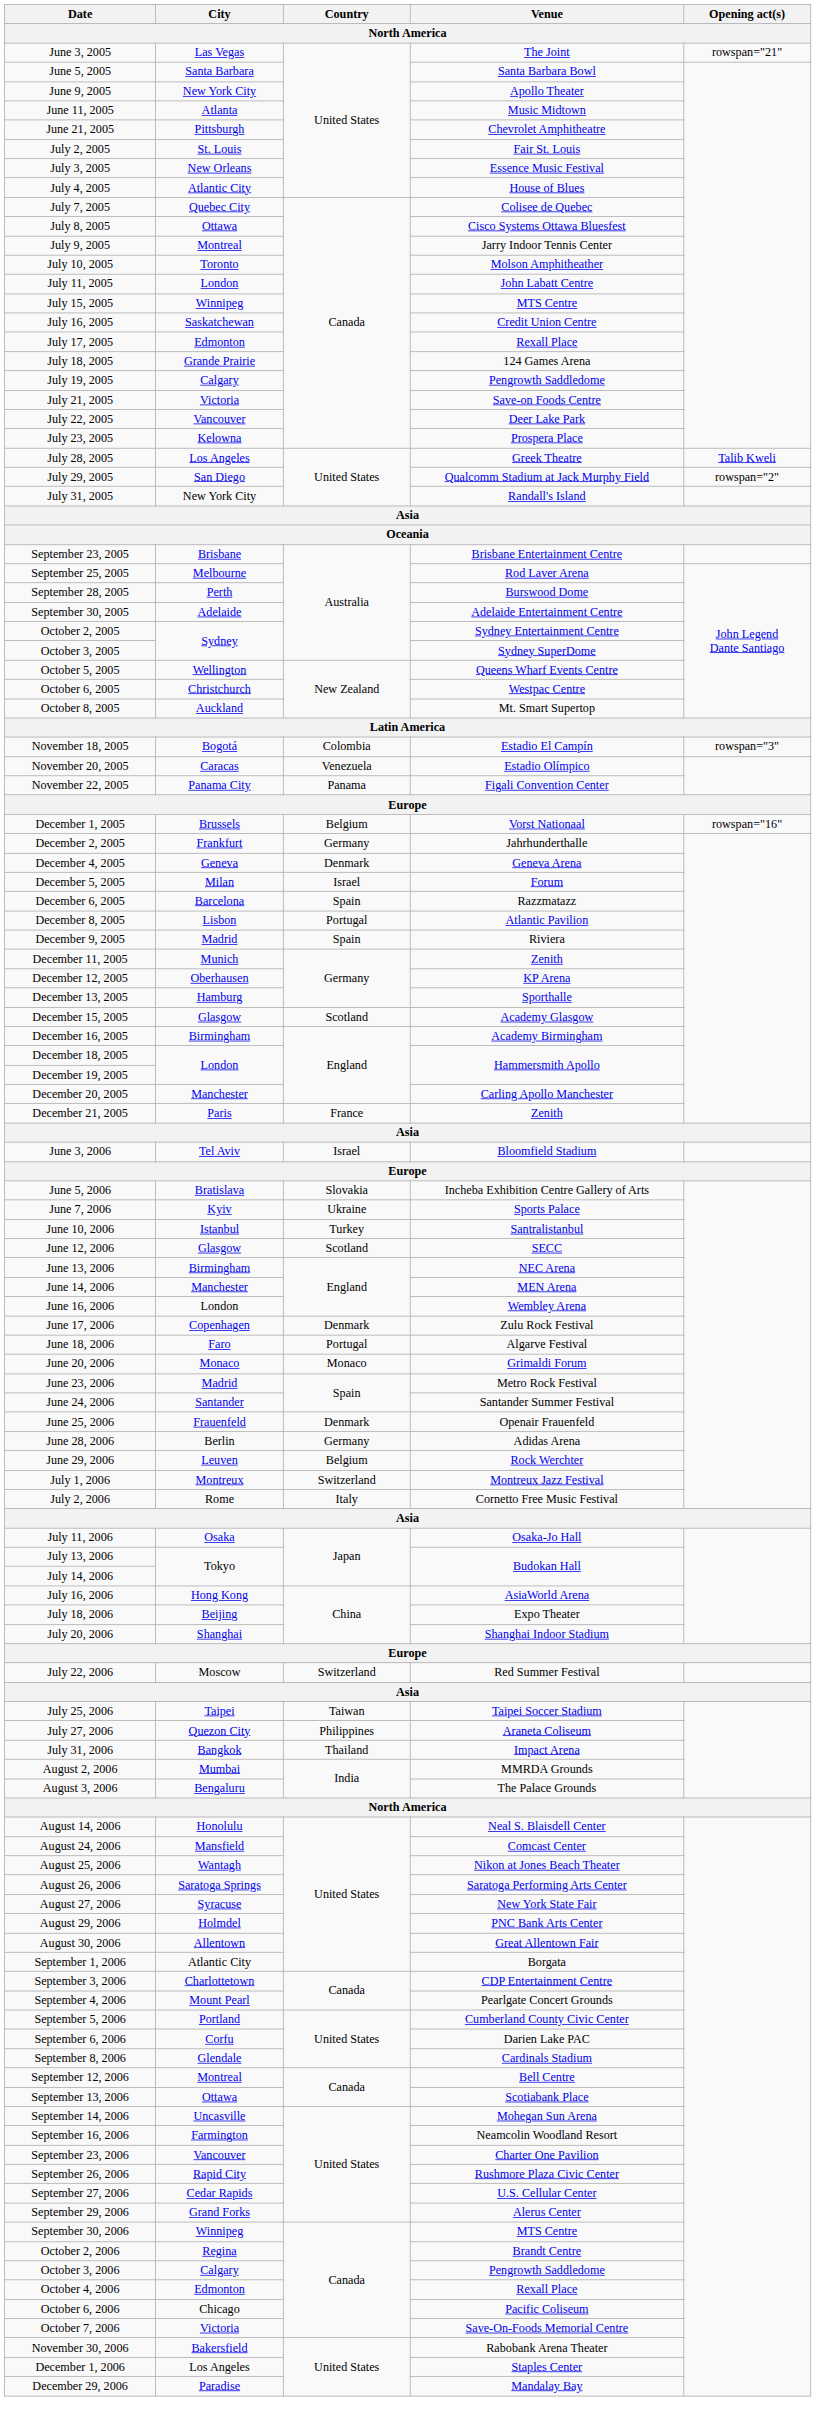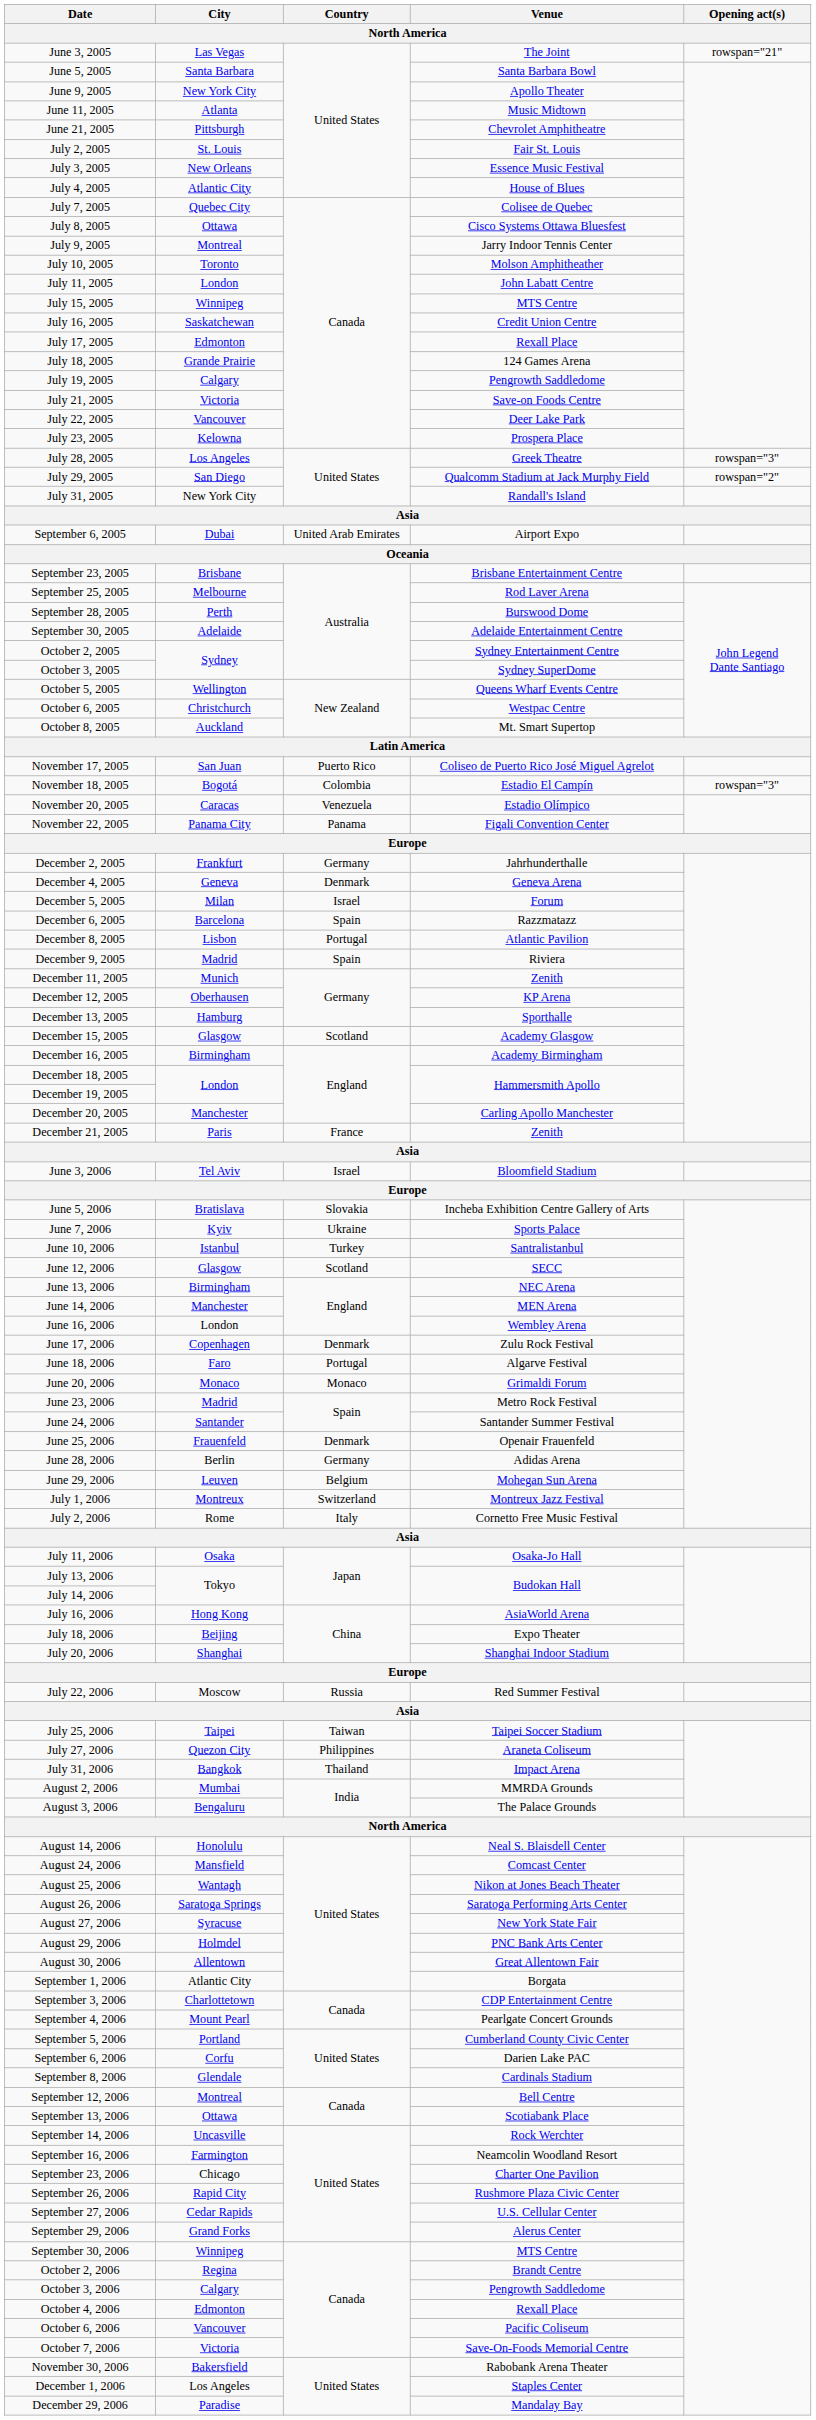 <table class="wikitable plainrowheaders" style="text-align:center;">
 <tr>
 <th scope="col" style="width:12em;">Date</th>
 <th scope="col" style="width:10em;">City</th>
 <th scope="col" style="width:10em;">Country</th>
 <th scope="col" style="width:22em;">Venue</th>
 <th scope="col" style="width:10em;">Opening act(s)</th>
 </tr>
 <tr>
 <th colspan="5">North America</th>
 </tr>
 <tr>
 <td>June 3, 2005</td>
 <td><a href='#'>Las Vegas</a></td>
 <td rowspan="8">United States</td>
 <td><a href='#'>The Joint</a></td>
 <td>rowspan="21" </td>
 </tr>
 <tr>
 <td>June 5, 2005</td>
 <td><a href='#'>Santa Barbara</a></td>
 <td><a href='#'>Santa Barbara Bowl</a></td>
 </tr>
 <tr>
 <td>June 9, 2005</td>
 <td><a href='#'>New York City</a></td>
 <td><a href='#'>Apollo Theater</a></td>
 </tr>
 <tr>
 <td>June 11, 2005</td>
 <td><a href='#'>Atlanta</a></td>
 <td><a href='#'>Music Midtown</a></td>
 </tr>
 <tr>
 <td>June 21, 2005</td>
 <td><a href='#'>Pittsburgh</a></td>
 <td><a href='#'>Chevrolet Amphitheatre</a></td>
 </tr>
 <tr>
 <td>July 2, 2005</td>
 <td><a href='#'>St. Louis</a></td>
 <td><a href='#'>Fair St. Louis</a></td>
 </tr>
 <tr>
 <td>July 3, 2005</td>
 <td><a href='#'>New Orleans</a></td>
 <td><a href='#'>Essence Music Festival</a></td>
 </tr>
 <tr>
 <td>July 4, 2005</td>
 <td><a href='#'>Atlantic City</a></td>
 <td><a href='#'>House of Blues</a></td>
 </tr>
 <tr>
 <td>July 7, 2005</td>
 <td><a href='#'>Quebec City</a></td>
 <td rowspan="13">Canada</td>
 <td><a href='#'>Colisee de Quebec</a></td>
 </tr>
 <tr>
 <td>July 8, 2005</td>
 <td><a href='#'>Ottawa</a></td>
 <td><a href='#'>Cisco Systems Ottawa Bluesfest</a></td>
 </tr>
 <tr>
 <td>July 9, 2005</td>
 <td><a href='#'>Montreal</a></td>
 <td>Jarry Indoor Tennis Center</td>
 </tr>
 <tr>
 <td>July 10, 2005</td>
 <td><a href='#'>Toronto</a></td>
 <td><a href='#'>Molson Amphitheather</a></td>
 </tr>
 <tr>
 <td>July 11, 2005</td>
 <td><a href='#'>London</a></td>
 <td><a href='#'>John Labatt Centre</a></td>
 </tr>
 <tr>
 <td>July 15, 2005</td>
 <td><a href='#'>Winnipeg</a></td>
 <td><a href='#'>MTS Centre</a></td>
 </tr>
 <tr>
 <td>July 16, 2005</td>
 <td><a href='#'>Saskatchewan</a></td>
 <td><a href='#'>Credit Union Centre</a></td>
 </tr>
 <tr>
 <td>July 17, 2005</td>
 <td><a href='#'>Edmonton</a></td>
 <td><a href='#'>Rexall Place</a></td>
 </tr>
 <tr>
 <td>July 18, 2005</td>
 <td><a href='#'>Grande Prairie</a></td>
 <td>124 Games Arena</td>
 </tr>
 <tr>
 <td>July 19, 2005</td>
 <td><a href='#'>Calgary</a></td>
 <td><a href='#'>Pengrowth Saddledome</a></td>
 </tr>
 <tr>
 <td>July 21, 2005</td>
 <td><a href='#'>Victoria</a></td>
 <td><a href='#'>Save-on Foods Centre</a></td>
 </tr>
 <tr>
 <td>July 22, 2005</td>
 <td><a href='#'>Vancouver</a></td>
 <td><a href='#'>Deer Lake Park</a></td>
 </tr>
 <tr>
 <td>July 23, 2005</td>
 <td><a href='#'>Kelowna</a></td>
 <td><a href='#'>Prospera Place</a></td>
 </tr>
 <tr>
 <td>July 28, 2005</td>
 <td><a href='#'>Los Angeles</a></td>
 <td rowspan="3">United States</td>
 <td><a href='#'>Greek Theatre</a></td>
-<td><a href='#'>Talib Kweli</a></td>
+<td>rowspan="3" </td>
 </tr>
 <tr>
 <td>July 29, 2005</td>
 <td><a href='#'>San Diego</a></td>
 <td><a href='#'>Qualcomm Stadium at Jack Murphy Field</a></td>
 <td>rowspan="2" </td>
 </tr>
 <tr>
 <td>July 31, 2005</td>
 <td>New York City</td>
 <td><a href='#'>Randall's Island</a></td>
 </tr>
 <tr>
 <th colspan="5">Asia</th>
+</tr>
+<tr>
+<td>September 6, 2005</td>
+<td><a href='#'>Dubai</a></td>
+<td>United Arab Emirates</td>
+<td>Airport Expo</td>
+<td></td>
 </tr>
 <tr>
 <th colspan="5">Oceania</th>
 </tr>
 <tr>
 <td>September 23, 2005</td>
 <td><a href='#'>Brisbane</a></td>
 <td rowspan="6">Australia</td>
 <td><a href='#'>Brisbane Entertainment Centre</a></td>
 <td></td>
 </tr>
 <tr>
 <td>September 25, 2005</td>
 <td><a href='#'>Melbourne</a></td>
 <td><a href='#'>Rod Laver Arena</a></td>
 <td rowspan="8"><a href='#'>John Legend</a><br><a href='#'>Dante Santiago</a></td>
 </tr>
 <tr>
 <td>September 28, 2005</td>
 <td><a href='#'>Perth</a></td>
 <td><a href='#'>Burswood Dome</a></td>
 </tr>
 <tr>
 <td>September 30, 2005</td>
 <td><a href='#'>Adelaide</a></td>
 <td><a href='#'>Adelaide Entertainment Centre</a></td>
 </tr>
 <tr>
 <td>October 2, 2005</td>
 <td rowspan="2"><a href='#'>Sydney</a></td>
 <td><a href='#'>Sydney Entertainment Centre</a></td>
 </tr>
 <tr>
 <td>October 3, 2005</td>
 <td><a href='#'>Sydney SuperDome</a></td>
 </tr>
 <tr>
 <td>October 5, 2005</td>
 <td><a href='#'>Wellington</a></td>
 <td rowspan="3">New Zealand</td>
 <td><a href='#'>Queens Wharf Events Centre</a></td>
 </tr>
 <tr>
 <td>October 6, 2005</td>
 <td><a href='#'>Christchurch</a></td>
 <td><a href='#'>Westpac Centre</a></td>
 </tr>
 <tr>
 <td>October 8, 2005</td>
 <td><a href='#'>Auckland</a></td>
 <td>Mt. Smart Supertop</td>
 </tr>
 <tr>
 <th colspan="5">Latin America</th>
 </tr>
 <tr>
+<td>November 17, 2005</td>
+<td><a href='#'>San Juan</a></td>
+<td>Puerto Rico</td>
+<td><a href='#'>Coliseo de Puerto Rico José Miguel Agrelot</a></td>
+<td></td>
+</tr>
+<tr>
 <td>November 18, 2005</td>
 <td><a href='#'>Bogotá</a></td>
 <td>Colombia</td>
 <td><a href='#'>Estadio El Campín</a></td>
 <td>rowspan="3" </td>
 </tr>
 <tr>
 <td>November 20, 2005</td>
 <td><a href='#'>Caracas</a></td>
 <td>Venezuela</td>
 <td><a href='#'>Estadio Olímpico</a></td>
 </tr>
 <tr>
 <td>November 22, 2005</td>
 <td><a href='#'>Panama City</a></td>
 <td>Panama</td>
 <td><a href='#'>Figali Convention Center</a></td>
 </tr>
 <tr>
 <th colspan="5">Europe</th>
-</tr>
-<tr>
-<td>December 1, 2005</td>
-<td><a href='#'>Brussels</a></td>
-<td>Belgium</td>
-<td><a href='#'>Vorst Nationaal</a></td>
-<td>rowspan="16" </td>
 </tr>
 <tr>
 <td>December 2, 2005</td>
 <td><a href='#'>Frankfurt</a></td>
 <td>Germany</td>
 <td>Jahrhunderthalle</td>
 </tr>
 <tr>
 <td>December 4, 2005</td>
 <td><a href='#'>Geneva</a></td>
 <td>Denmark</td>
 <td><a href='#'>Geneva Arena</a></td>
 </tr>
 <tr>
 <td>December 5, 2005</td>
 <td><a href='#'>Milan</a></td>
 <td>Israel</td>
 <td><a href='#'>Forum</a></td>
 </tr>
 <tr>
 <td>December 6, 2005</td>
 <td><a href='#'>Barcelona</a></td>
 <td>Spain</td>
 <td>Razzmatazz</td>
 </tr>
 <tr>
 <td>December 8, 2005</td>
 <td><a href='#'>Lisbon</a></td>
 <td>Portugal</td>
 <td><a href='#'>Atlantic Pavilion</a></td>
 </tr>
 <tr>
 <td>December 9, 2005</td>
 <td><a href='#'>Madrid</a></td>
 <td>Spain</td>
 <td>Riviera</td>
 </tr>
 <tr>
 <td>December 11, 2005</td>
 <td><a href='#'>Munich</a></td>
 <td rowspan="3">Germany</td>
 <td><a href='#'>Zenith</a></td>
 </tr>
 <tr>
 <td>December 12, 2005</td>
 <td><a href='#'>Oberhausen</a></td>
 <td><a href='#'>KP Arena</a></td>
 </tr>
 <tr>
 <td>December 13, 2005</td>
 <td><a href='#'>Hamburg</a></td>
 <td><a href='#'>Sporthalle</a></td>
 </tr>
 <tr>
 <td>December 15, 2005</td>
 <td><a href='#'>Glasgow</a></td>
 <td>Scotland</td>
 <td><a href='#'>Academy Glasgow</a></td>
 </tr>
 <tr>
 <td>December 16, 2005</td>
 <td><a href='#'>Birmingham</a></td>
 <td rowspan="4">England</td>
 <td><a href='#'>Academy Birmingham</a></td>
 </tr>
 <tr>
 <td>December 18, 2005</td>
 <td rowspan="2"><a href='#'>London</a></td>
 <td rowspan="2"><a href='#'>Hammersmith Apollo</a></td>
 </tr>
 <tr>
 <td>December 19, 2005</td>
 </tr>
 <tr>
 <td>December 20, 2005</td>
 <td><a href='#'>Manchester</a></td>
 <td><a href='#'>Carling Apollo Manchester</a></td>
 </tr>
 <tr>
 <td>December 21, 2005</td>
 <td><a href='#'>Paris</a></td>
 <td>France</td>
 <td><a href='#'>Zenith</a></td>
 </tr>
 <tr>
 <th colspan="5">Asia</th>
 </tr>
 <tr>
 <td>June 3, 2006</td>
 <td><a href='#'>Tel Aviv</a></td>
 <td>Israel</td>
 <td><a href='#'>Bloomfield Stadium</a></td>
 </tr>
 <tr>
 <th colspan="5">Europe</th>
 </tr>
 <tr>
 <td>June 5, 2006</td>
 <td><a href='#'>Bratislava</a></td>
 <td>Slovakia</td>
 <td>Incheba Exhibition Centre Gallery of Arts</td>
 </tr>
 <tr>
 <td>June 7, 2006</td>
 <td><a href='#'>Kyiv</a></td>
 <td>Ukraine</td>
 <td><a href='#'>Sports Palace</a></td>
 </tr>
 <tr>
 <td>June 10, 2006</td>
 <td><a href='#'>Istanbul</a></td>
 <td>Turkey</td>
 <td><a href='#'>Santralistanbul</a></td>
 </tr>
 <tr>
 <td>June 12, 2006</td>
 <td><a href='#'>Glasgow</a></td>
 <td>Scotland</td>
 <td><a href='#'>SECC</a></td>
 </tr>
 <tr>
 <td>June 13, 2006</td>
 <td><a href='#'>Birmingham</a></td>
 <td rowspan="3">England</td>
 <td><a href='#'>NEC Arena</a></td>
 </tr>
 <tr>
 <td>June 14, 2006</td>
 <td><a href='#'>Manchester</a></td>
 <td><a href='#'>MEN Arena</a></td>
 </tr>
 <tr>
 <td>June 16, 2006</td>
 <td>London</td>
 <td><a href='#'>Wembley Arena</a></td>
 </tr>
 <tr>
 <td>June 17, 2006</td>
 <td><a href='#'>Copenhagen</a></td>
 <td>Denmark</td>
 <td>Zulu Rock Festival</td>
 </tr>
 <tr>
 <td>June 18, 2006</td>
 <td><a href='#'>Faro</a></td>
 <td>Portugal</td>
 <td>Algarve Festival</td>
 </tr>
 <tr>
 <td>June 20, 2006</td>
 <td><a href='#'>Monaco</a></td>
 <td>Monaco</td>
 <td><a href='#'>Grimaldi Forum</a></td>
 </tr>
 <tr>
 <td>June 23, 2006</td>
 <td><a href='#'>Madrid</a></td>
 <td rowspan="2">Spain</td>
 <td>Metro Rock Festival</td>
 </tr>
 <tr>
 <td>June 24, 2006</td>
 <td><a href='#'>Santander</a></td>
 <td>Santander Summer Festival</td>
 </tr>
 <tr>
 <td>June 25, 2006</td>
 <td><a href='#'>Frauenfeld</a></td>
 <td>Denmark</td>
 <td>Openair Frauenfeld</td>
 </tr>
 <tr>
 <td>June 28, 2006</td>
 <td>Berlin</td>
 <td>Germany</td>
 <td>Adidas Arena</td>
 </tr>
 <tr>
 <td>June 29, 2006</td>
 <td><a href='#'>Leuven</a></td>
 <td>Belgium</td>
-<td><a href='#'>Rock Werchter</a></td>
+<td><a href='#'>Mohegan Sun Arena</a></td>
 </tr>
 <tr>
 <td>July 1, 2006</td>
 <td><a href='#'>Montreux</a></td>
 <td>Switzerland</td>
 <td><a href='#'>Montreux Jazz Festival</a></td>
 </tr>
 <tr>
 <td>July 2, 2006</td>
 <td>Rome</td>
 <td>Italy</td>
 <td>Cornetto Free Music Festival</td>
 </tr>
 <tr>
 <th colspan="5">Asia</th>
 </tr>
 <tr>
 <td>July 11, 2006</td>
 <td><a href='#'>Osaka</a></td>
 <td rowspan="3">Japan</td>
 <td><a href='#'>Osaka-Jo Hall</a></td>
 </tr>
 <tr>
 <td>July 13, 2006</td>
 <td rowspan="2">Tokyo</td>
 <td rowspan="2"><a href='#'>Budokan Hall</a></td>
 </tr>
 <tr>
 <td>July 14, 2006</td>
 </tr>
 <tr>
 <td>July 16, 2006</td>
 <td><a href='#'>Hong Kong</a></td>
 <td rowspan="3">China</td>
 <td><a href='#'>AsiaWorld Arena</a></td>
 </tr>
 <tr>
 <td>July 18, 2006</td>
 <td><a href='#'>Beijing</a></td>
 <td>Expo Theater</td>
 </tr>
 <tr>
 <td>July 20, 2006</td>
 <td><a href='#'>Shanghai</a></td>
 <td><a href='#'>Shanghai Indoor Stadium</a></td>
 </tr>
 <tr>
 <th colspan="5">Europe</th>
 </tr>
 <tr>
 <td>July 22, 2006</td>
 <td>Moscow</td>
-<td>Switzerland</td>
+<td>Russia</td>
 <td>Red Summer Festival</td>
 </tr>
 <tr>
 <th colspan="5">Asia</th>
 </tr>
 <tr>
 <td>July 25, 2006</td>
 <td><a href='#'>Taipei</a></td>
 <td>Taiwan</td>
 <td><a href='#'>Taipei Soccer Stadium</a></td>
 </tr>
 <tr>
 <td>July 27, 2006</td>
 <td><a href='#'>Quezon City</a></td>
 <td>Philippines</td>
 <td><a href='#'>Araneta Coliseum</a></td>
 </tr>
 <tr>
 <td>July 31, 2006</td>
 <td><a href='#'>Bangkok</a></td>
 <td>Thailand</td>
 <td><a href='#'>Impact Arena</a></td>
 </tr>
 <tr>
 <td>August 2, 2006</td>
 <td><a href='#'>Mumbai</a></td>
 <td rowspan="2">India</td>
 <td>MMRDA Grounds</td>
 </tr>
 <tr>
 <td>August 3, 2006</td>
 <td><a href='#'>Bengaluru</a></td>
 <td>The Palace Grounds</td>
 </tr>
 <tr>
 <th colspan="5">North America</th>
 </tr>
 <tr>
 <td>August 14, 2006</td>
 <td><a href='#'>Honolulu</a></td>
 <td rowspan="8">United States</td>
 <td><a href='#'>Neal S. Blaisdell Center</a></td>
 </tr>
 <tr>
 <td>August 24, 2006</td>
 <td><a href='#'>Mansfield</a></td>
 <td><a href='#'>Comcast Center</a></td>
 </tr>
 <tr>
 <td>August 25, 2006</td>
 <td><a href='#'>Wantagh</a></td>
 <td><a href='#'>Nikon at Jones Beach Theater</a></td>
 </tr>
 <tr>
 <td>August 26, 2006</td>
 <td><a href='#'>Saratoga Springs</a></td>
 <td><a href='#'>Saratoga Performing Arts Center</a></td>
 </tr>
 <tr>
 <td>August 27, 2006</td>
 <td><a href='#'>Syracuse</a></td>
 <td><a href='#'>New York State Fair</a></td>
 </tr>
 <tr>
 <td>August 29, 2006</td>
 <td><a href='#'>Holmdel</a></td>
 <td><a href='#'>PNC Bank Arts Center</a></td>
 </tr>
 <tr>
 <td>August 30, 2006</td>
 <td><a href='#'>Allentown</a></td>
 <td><a href='#'>Great Allentown Fair</a></td>
 </tr>
 <tr>
 <td>September 1, 2006</td>
 <td>Atlantic City</td>
 <td>Borgata</td>
 </tr>
 <tr>
 <td>September 3, 2006</td>
 <td><a href='#'>Charlottetown</a></td>
 <td rowspan="2">Canada</td>
 <td><a href='#'>CDP Entertainment Centre</a></td>
 </tr>
 <tr>
 <td>September 4, 2006</td>
 <td><a href='#'>Mount Pearl</a></td>
 <td>Pearlgate Concert Grounds</td>
 </tr>
 <tr>
 <td>September 5, 2006</td>
 <td><a href='#'>Portland</a></td>
 <td rowspan="3">United States</td>
 <td><a href='#'>Cumberland County Civic Center</a></td>
 </tr>
 <tr>
 <td>September 6, 2006</td>
 <td><a href='#'>Corfu</a></td>
 <td>Darien Lake PAC</td>
 </tr>
 <tr>
 <td>September 8, 2006</td>
 <td><a href='#'>Glendale</a></td>
 <td><a href='#'>Cardinals Stadium</a></td>
 </tr>
 <tr>
 <td>September 12, 2006</td>
 <td><a href='#'>Montreal</a></td>
 <td rowspan="2">Canada</td>
 <td><a href='#'>Bell Centre</a></td>
 </tr>
 <tr>
 <td>September 13, 2006</td>
 <td><a href='#'>Ottawa</a></td>
 <td><a href='#'>Scotiabank Place</a></td>
 </tr>
 <tr>
 <td>September 14, 2006</td>
 <td><a href='#'>Uncasville</a></td>
 <td rowspan="6">United States</td>
-<td><a href='#'>Mohegan Sun Arena</a></td>
+<td><a href='#'>Rock Werchter</a></td>
 </tr>
 <tr>
 <td>September 16, 2006</td>
 <td><a href='#'>Farmington</a></td>
 <td>Neamcolin Woodland Resort</td>
 </tr>
 <tr>
 <td>September 23, 2006</td>
-<td><a href='#'>Vancouver</a></td>
+<td>Chicago</td>
 <td><a href='#'>Charter One Pavilion</a></td>
 </tr>
 <tr>
 <td>September 26, 2006</td>
 <td><a href='#'>Rapid City</a></td>
 <td><a href='#'>Rushmore Plaza Civic Center</a></td>
 </tr>
 <tr>
 <td>September 27, 2006</td>
 <td><a href='#'>Cedar Rapids</a></td>
 <td><a href='#'>U.S. Cellular Center</a></td>
 </tr>
 <tr>
 <td>September 29, 2006</td>
 <td><a href='#'>Grand Forks</a></td>
 <td><a href='#'>Alerus Center</a></td>
 </tr>
 <tr>
 <td>September 30, 2006</td>
 <td><a href='#'>Winnipeg</a></td>
 <td rowspan="6">Canada</td>
 <td><a href='#'>MTS Centre</a></td>
 </tr>
 <tr>
 <td>October 2, 2006</td>
 <td><a href='#'>Regina</a></td>
 <td><a href='#'>Brandt Centre</a></td>
 </tr>
 <tr>
 <td>October 3, 2006</td>
 <td><a href='#'>Calgary</a></td>
 <td><a href='#'>Pengrowth Saddledome</a></td>
 </tr>
 <tr>
 <td>October 4, 2006</td>
 <td><a href='#'>Edmonton</a></td>
 <td><a href='#'>Rexall Place</a></td>
 </tr>
 <tr>
 <td>October 6, 2006</td>
-<td>Chicago</td>
+<td><a href='#'>Vancouver</a></td>
 <td><a href='#'>Pacific Coliseum</a></td>
 </tr>
 <tr>
 <td>October 7, 2006</td>
 <td><a href='#'>Victoria</a></td>
 <td><a href='#'>Save-On-Foods Memorial Centre</a></td>
 </tr>
 <tr>
 <td>November 30, 2006</td>
 <td><a href='#'>Bakersfield</a></td>
 <td rowspan="3">United States</td>
 <td>Rabobank Arena Theater</td>
 </tr>
 <tr>
 <td>December 1, 2006</td>
 <td>Los Angeles</td>
 <td><a href='#'>Staples Center</a></td>
 </tr>
 <tr>
 <td>December 29, 2006</td>
 <td><a href='#'>Paradise</a></td>
 <td><a href='#'>Mandalay Bay</a></td>
 </tr>
 </table>
